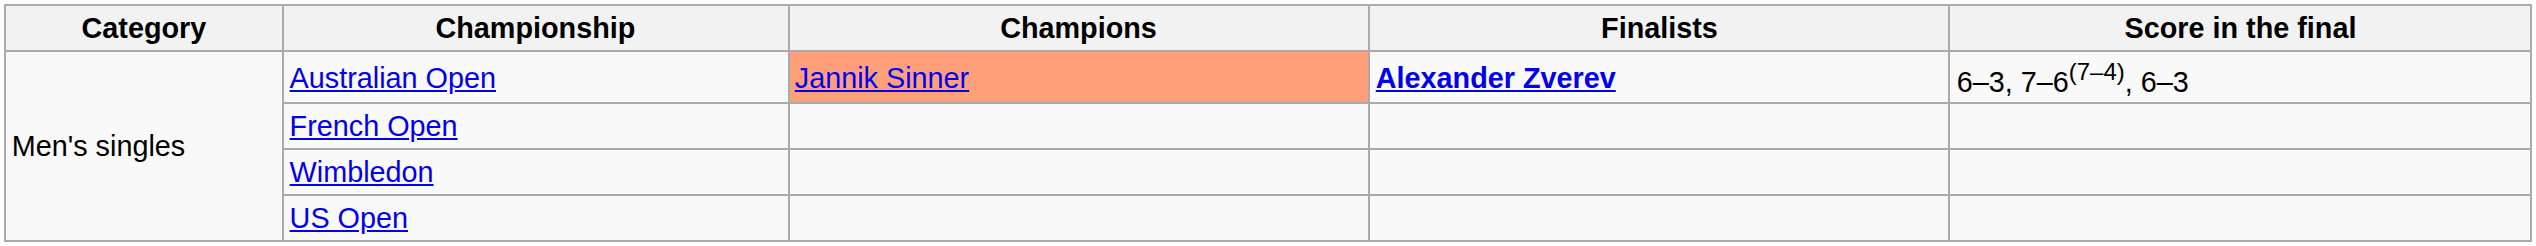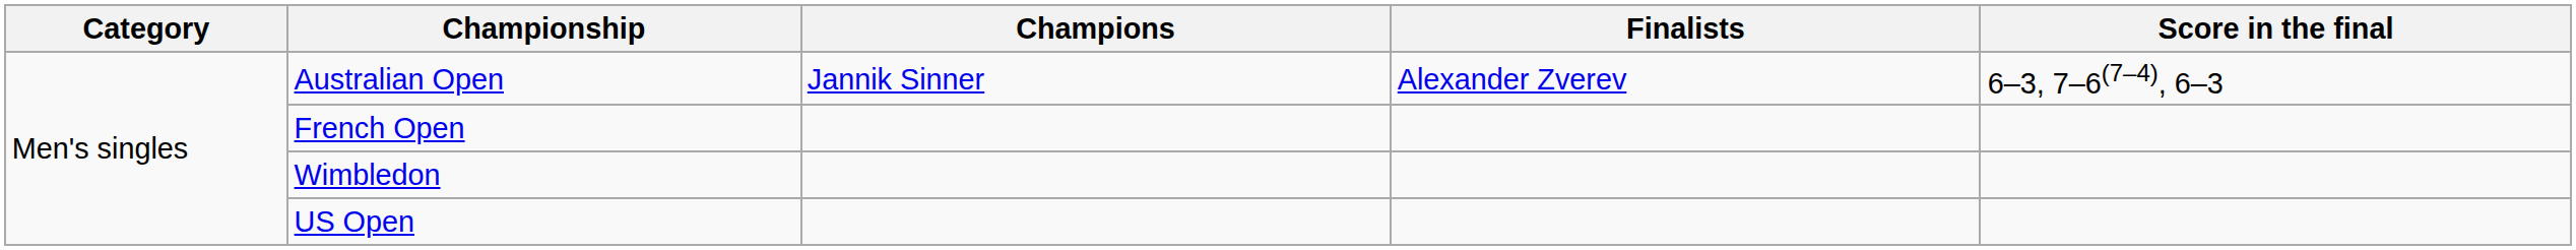 <table class="wikitable" style="font-size:90%;" width="100%">
 <tr>
 <th style="width: 11%;">Category</th>
 <th style="width: 20%;">Championship</th>
 <th style="width: 23%;">Champions</th>
 <th style="width: 23%;">Finalists</th>
 <th style="width: 23%;">Score in the final</th>
 </tr>
 <tr>
 <td rowspan="4">Men's singles</td>
 <td><a href='#'>Australian Open</a></td>
-<td style="background: lightsalmon;"> <a href='#'>Jannik Sinner</a></td>
-<td><strong> <a href='#'>Alexander Zverev</a></strong></td>
+<td> <a href='#'>Jannik Sinner</a></td>
+<td> <a href='#'>Alexander Zverev</a></td>
 <td>6–3, 7–6<sup>(7–4)</sup>, 6–3</td>
 </tr>
 <tr>
 <td><a href='#'>French Open</a></td>
 <td></td>
 <td></td>
 <td></td>
 </tr>
 <tr>
 <td><a href='#'>Wimbledon</a></td>
 <td></td>
 <td></td>
 <td></td>
 </tr>
 <tr>
 <td><a href='#'>US Open</a></td>
 <td></td>
 <td></td>
 <td></td>
 </tr>
 </table>
